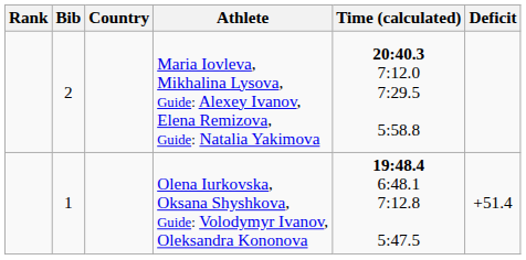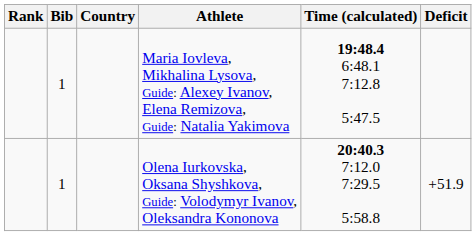 <table class="wikitable sortable" style="text-align:center">
 <tr>
 <th>Rank</th>
 <th>Bib</th>
 <th>Country</th>
 <th>Athlete</th>
 <th>Time (calculated)</th>
 <th>Deficit</th>
 </tr>
 <tr>
 <td></td>
-<td>2</td>
+<td>1</td>
 <td align="left"></td>
 <td align="left"><br><a href='#'>Maria Iovleva</a>,<br><a href='#'>Mikhalina Lysova</a>,<br><small><a href='#'>Guide</a>:</small> <a href='#'>Alexey Ivanov</a>,<br><a href='#'>Elena Remizova</a>,<br><small><a href='#'>Guide</a>:</small> <a href='#'>Natalia Yakimova</a></td>
-<td><strong>20:40.3</strong><br>7:12.0<br>7:29.5<br><br>5:58.8</td>
+<td><strong>19:48.4</strong><br>6:48.1<br>7:12.8<br><br>5:47.5<br></td>
 <td></td>
 </tr>
 <tr>
 <td></td>
 <td>1</td>
 <td align="left"></td>
 <td align="left"><br><a href='#'>Olena Iurkovska</a>,<br><a href='#'>Oksana Shyshkova</a>,<br><small><a href='#'>Guide</a>:</small> <a href='#'>Volodymyr Ivanov</a>,<br><a href='#'>Oleksandra Kononova</a></td>
-<td><strong>19:48.4</strong><br>6:48.1<br>7:12.8<br><br>5:47.5<br></td>
-<td>+51.4</td>
+<td><strong>20:40.3</strong><br>7:12.0<br>7:29.5<br><br>5:58.8</td>
+<td>+51.9</td>
 </tr>
 </table>
